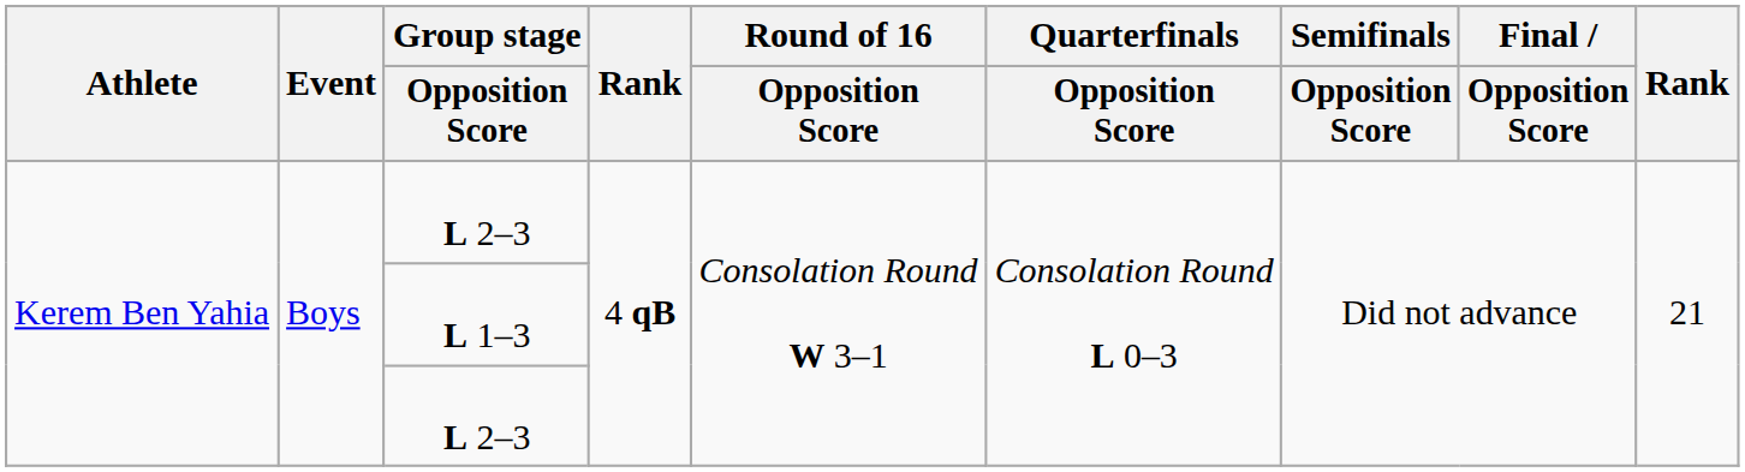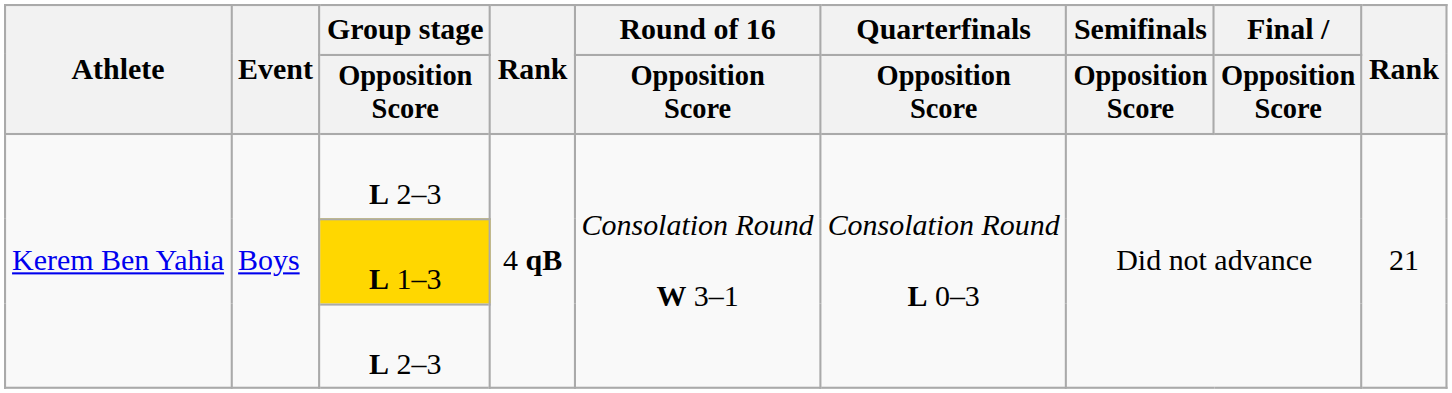 <table class=wikitable style="font-size:90%">
 <tr>
 <th rowspan="2">Athlete</th>
 <th rowspan="2">Event</th>
 <th>Group stage</th>
 <th rowspan="2">Rank</th>
 <th>Round of 16</th>
 <th>Quarterfinals</th>
 <th>Semifinals</th>
 <th>Final / </th>
 <th rowspan=2>Rank</th>
 </tr>
 <tr style="font-size:95%">
 <th>Opposition<br>Score</th>
 <th>Opposition<br>Score</th>
 <th>Opposition<br>Score</th>
 <th>Opposition<br>Score</th>
 <th>Opposition<br>Score</th>
 </tr>
 <tr align=center>
 <td align=left rowspan=3><a href='#'>Kerem Ben Yahia</a></td>
 <td align=left rowspan=3><a href='#'>Boys</a></td>
 <td><br><strong>L</strong> 2–3</td>
 <td rowspan=3>4 <strong>qB</strong></td>
 <td rowspan=3><em>Consolation Round</em><br><br><strong>W</strong> 3–1</td>
 <td rowspan=3><em>Consolation Round</em><br><br><strong>L</strong> 0–3</td>
 <td rowspan=3 colspan=2>Did not advance</td>
 <td rowspan=3>21</td>
 </tr>
 <tr align=center>
-<td><br><strong>L</strong> 1–3</td>
+<td style="background: gold;"><br><strong>L</strong> 1–3</td>
 </tr>
 <tr align=center>
 <td><br><strong>L</strong> 2–3</td>
 </tr>
 </table>
